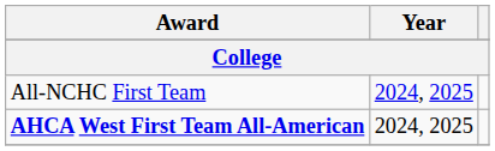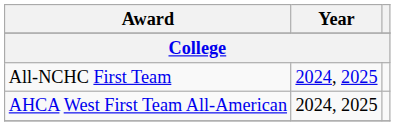 <table class="wikitable">
 <tr>
 <th>Award</th>
 <th>Year</th>
 <th></th>
 </tr>
 <tr ALIGN="center" bgcolor="#e0e0e0">
 </tr>
 <tr ALIGN="center" bgcolor="#e0e0e0">
 <th colspan="3"><a href='#'>College</a></th>
 </tr>
 <tr>
 <td>All-NCHC <a href='#'>First Team</a></td>
 <td><a href='#'>2024</a>,  <a href='#'>2025</a></td>
 <td></td>
 </tr>
 <tr>
-<td><strong><a href='#'>AHCA</a> <a href='#'>West First Team All-American</a></strong></td>
+<td><a href='#'>AHCA</a> <a href='#'>West First Team All-American</a></td>
 <td>2024, 2025</td>
 <td></td>
 </tr>
 <tr>
 </tr>
 </table>
